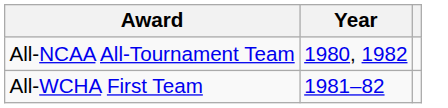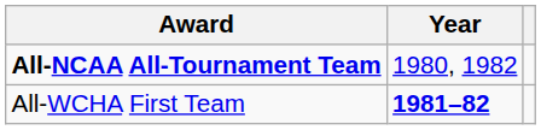 <table class="wikitable">
 <tr>
 <th>Award</th>
 <th>Year</th>
 <th></th>
 </tr>
 <tr>
-<td>All-<a href='#'>NCAA</a> <a href='#'>All-Tournament Team</a></td>
+<td><strong>All-<a href='#'>NCAA</a> <a href='#'>All-Tournament Team</a></strong></td>
 <td><a href='#'>1980</a>, <a href='#'>1982</a></td>
 <td></td>
 </tr>
 <tr>
 <td>All-<a href='#'>WCHA</a> <a href='#'>First Team</a></td>
-<td><a href='#'>1981–82</a></td>
+<td><strong><a href='#'>1981–82</a></strong></td>
 <td></td>
 </tr>
 </table>
